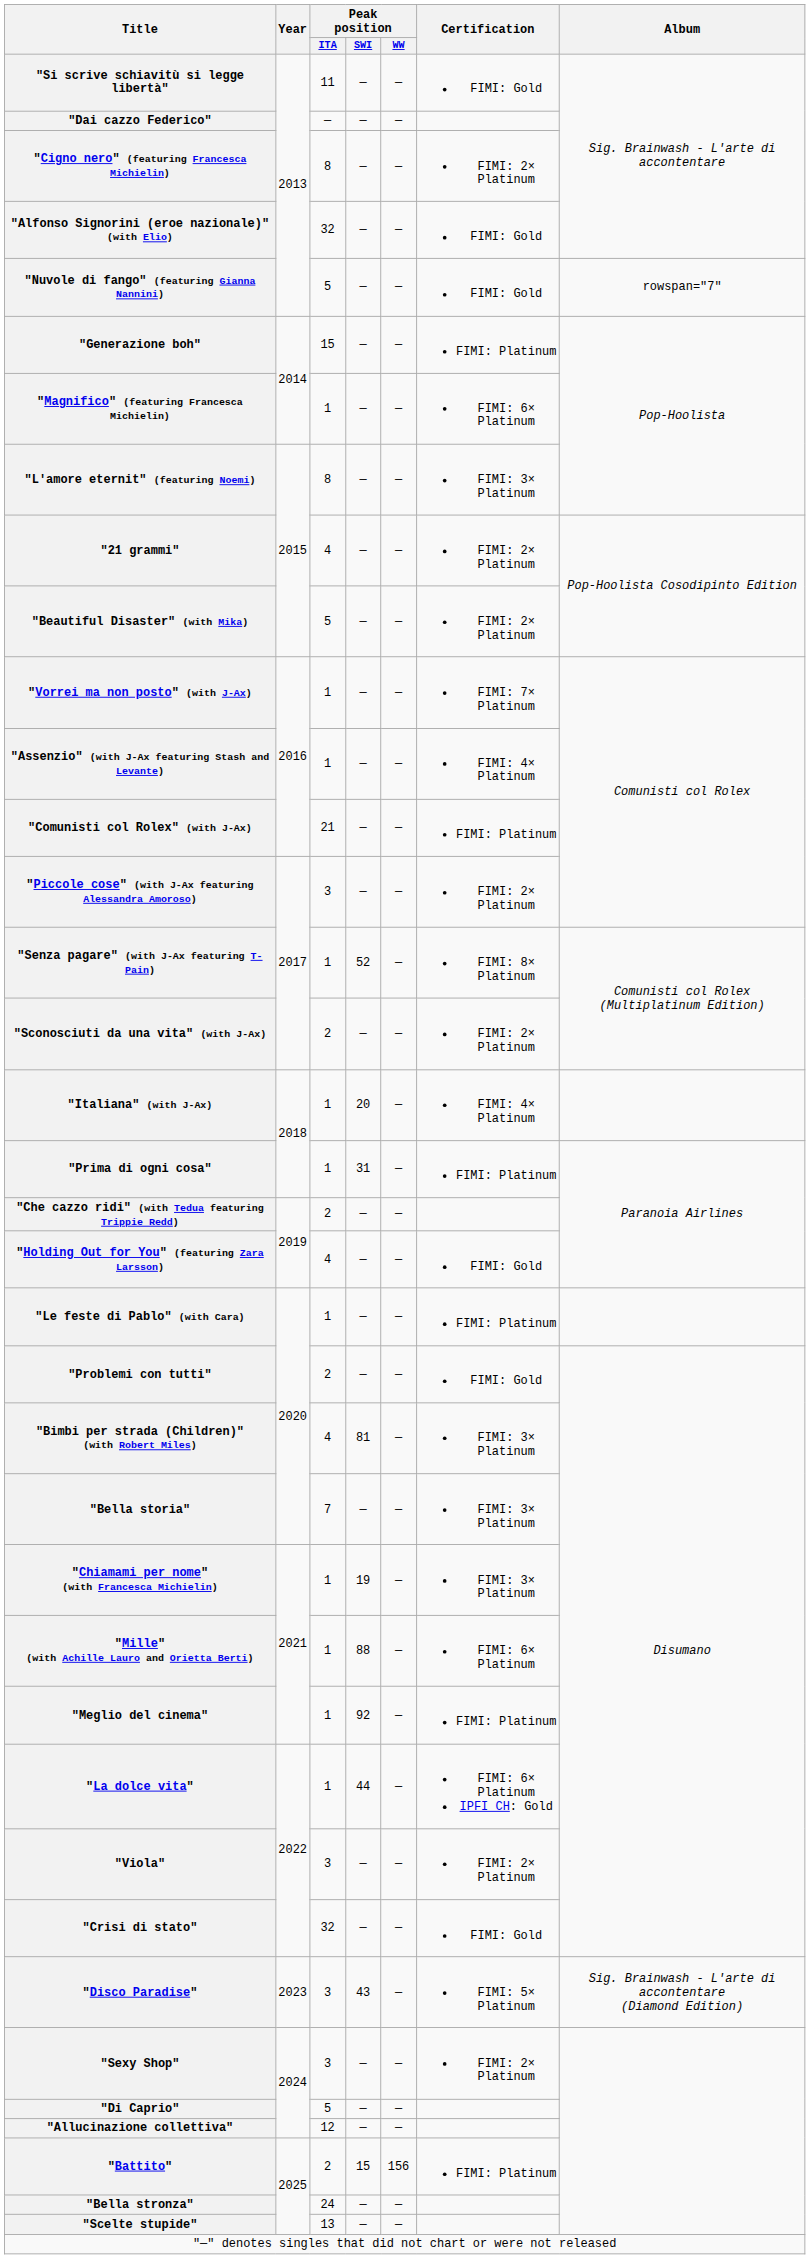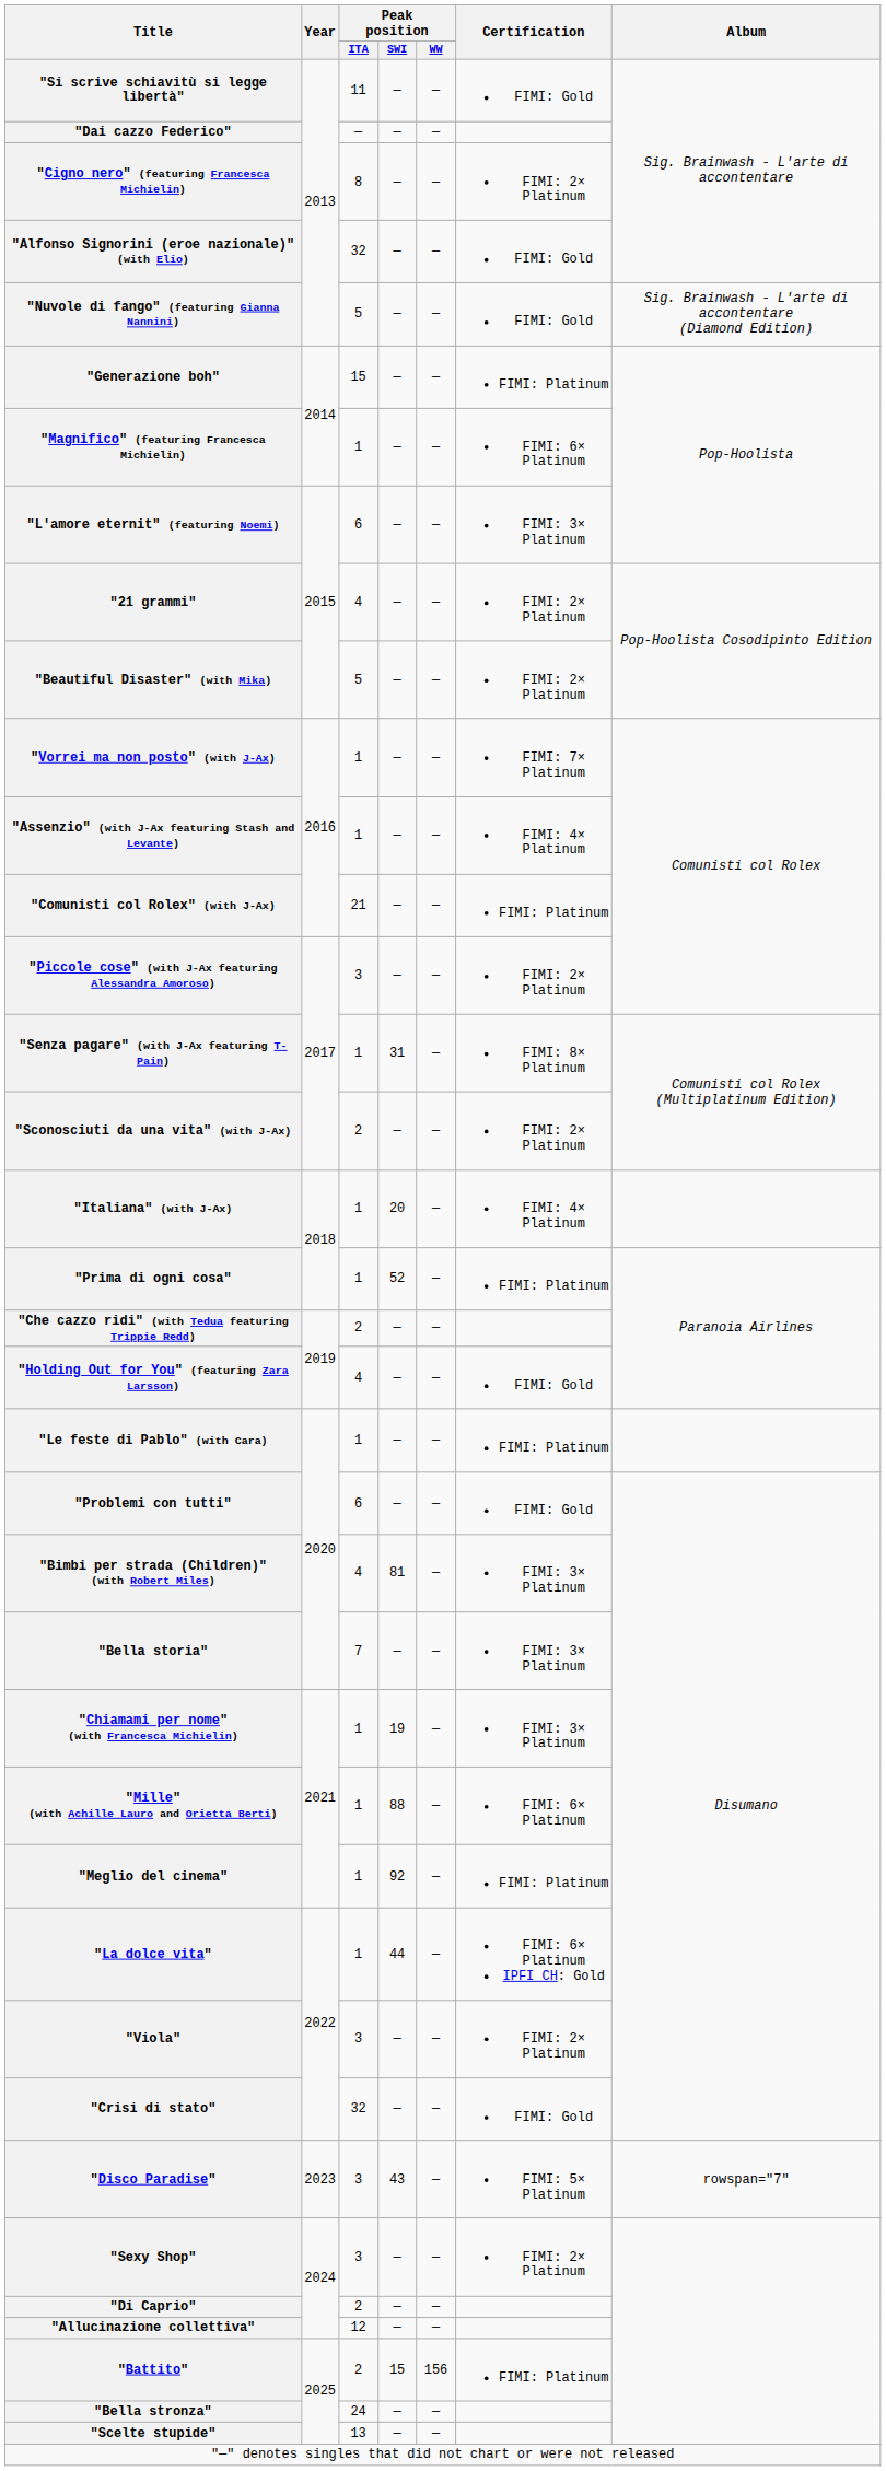 <table class="wikitable plainrowheaders" style="text-align:center">
 <tr>
 <th scope="col" rowspan="2">Title</th>
 <th scope="col" rowspan="2">Year</th>
 <th scope="col" colspan="3">Peak<br>position</th>
 <th scope="col" rowspan="2">Certification</th>
 <th scope="col" rowspan="2">Album</th>
 </tr>
 <tr>
 <th scope="col" style="width:3em;font-size:85%;"><a href='#'>ITA</a><br></th>
 <th scope="col" style="width:3em;font-size:85%;"><a href='#'>SWI</a><br></th>
 <th scope="col" style="width:3em;font-size:85%;"><a href='#'>WW</a><br></th>
 </tr>
 <tr>
 <th scope="row">"Si scrive schiavitù si legge libertà"</th>
 <td rowspan="5">2013</td>
 <td>11</td>
 <td>—</td>
 <td>—</td>
 <td><br><ul><li>FIMI: Gold</li></ul></td>
 <td rowspan="4"><em>Sig. Brainwash - L'arte di accontentare</em></td>
 </tr>
 <tr>
 <th scope="row">"Dai cazzo Federico"</th>
 <td>—</td>
 <td>—</td>
 <td>—</td>
 <td></td>
 </tr>
 <tr>
 <th scope="row">"<a href='#'>Cigno nero</a>" <small>(featuring <a href='#'>Francesca Michielin</a>)</small></th>
 <td>8</td>
 <td>—</td>
 <td>—</td>
 <td><br><ul><li>FIMI: 2× Platinum</li></ul></td>
 </tr>
 <tr>
 <th scope="row">"Alfonso Signorini (eroe nazionale)" <small> (with <a href='#'>Elio</a>)</small></th>
 <td>32</td>
 <td>—</td>
 <td>—</td>
 <td><br><ul><li>FIMI: Gold</li></ul></td>
 </tr>
 <tr>
 <th scope="row">"Nuvole di fango" <small>(featuring <a href='#'>Gianna Nannini</a>)</small></th>
 <td>5</td>
 <td>—</td>
 <td>—</td>
 <td><br><ul><li>FIMI: Gold</li></ul></td>
-<td>rowspan="7" </td>
+<td><em>Sig. Brainwash - L'arte di accontentare<br>(Diamond Edition)</em></td>
 </tr>
 <tr>
 <th scope="row">"Generazione boh"</th>
 <td rowspan="2">2014</td>
 <td>15</td>
 <td>—</td>
 <td>—</td>
 <td><br><ul><li>FIMI: Platinum</li></ul></td>
 <td rowspan="3"><em>Pop-Hoolista</em></td>
 </tr>
 <tr>
 <th scope="row">"<a href='#'>Magnifico</a>" <small>(featuring Francesca Michielin)</small></th>
 <td>1</td>
 <td>—</td>
 <td>—</td>
 <td><br><ul><li>FIMI: 6× Platinum</li></ul></td>
 </tr>
 <tr>
 <th scope="row">"L'amore eternit" <small>(featuring <a href='#'>Noemi</a>)</small></th>
 <td rowspan="3">2015</td>
-<td>8</td>
+<td>6</td>
 <td>—</td>
 <td>—</td>
 <td><br><ul><li>FIMI: 3× Platinum</li></ul></td>
 </tr>
 <tr>
 <th scope="row">"21 grammi"</th>
 <td>4</td>
 <td>—</td>
 <td>—</td>
 <td><br><ul><li>FIMI: 2× Platinum</li></ul></td>
 <td rowspan="2"><em>Pop-Hoolista Cosodipinto Edition</em></td>
 </tr>
 <tr>
 <th scope="row">"Beautiful Disaster" <small>(with <a href='#'>Mika</a>)</small></th>
 <td>5</td>
 <td>—</td>
 <td>—</td>
 <td><br><ul><li>FIMI: 2× Platinum</li></ul></td>
 </tr>
 <tr>
 <th scope="row">"<a href='#'>Vorrei ma non posto</a>" <small>(with <a href='#'>J-Ax</a>)</small></th>
 <td rowspan="3">2016</td>
 <td>1</td>
 <td>—</td>
 <td>—</td>
 <td><br><ul><li>FIMI: 7× Platinum</li></ul></td>
 <td rowspan="4"><em>Comunisti col Rolex</em></td>
 </tr>
 <tr>
 <th scope="row">"Assenzio" <small>(with J-Ax featuring Stash and <a href='#'>Levante</a>)</small></th>
 <td>1</td>
 <td>—</td>
 <td>—</td>
 <td><br><ul><li>FIMI: 4× Platinum</li></ul></td>
 </tr>
 <tr>
 <th scope="row">"Comunisti col Rolex" <small>(with J-Ax)</small></th>
 <td>21</td>
 <td>—</td>
 <td>—</td>
 <td><br><ul><li>FIMI: Platinum</li></ul></td>
 </tr>
 <tr>
 <th scope="row">"<a href='#'>Piccole cose</a>" <small>(with J-Ax featuring <a href='#'>Alessandra Amoroso</a>)</small></th>
 <td rowspan="3">2017</td>
 <td>3</td>
 <td>—</td>
 <td>—</td>
 <td><br><ul><li>FIMI: 2× Platinum</li></ul></td>
 </tr>
 <tr>
 <th scope="row">"Senza pagare" <small>(with J-Ax featuring <a href='#'>T-Pain</a>)</small></th>
 <td>1</td>
-<td>52</td>
+<td>31</td>
 <td>—</td>
 <td><br><ul><li>FIMI: 8× Platinum</li></ul></td>
 <td rowspan="2"><em>Comunisti col Rolex (Multiplatinum Edition)</em></td>
 </tr>
 <tr>
 <th scope="row">"Sconosciuti da una vita" <small>(with J-Ax)</small></th>
 <td>2</td>
 <td>—</td>
 <td>—</td>
 <td><br><ul><li>FIMI: 2× Platinum</li></ul></td>
 </tr>
 <tr>
 <th scope="row">"Italiana" <small>(with J-Ax)</small></th>
 <td rowspan="2">2018</td>
 <td>1</td>
 <td>20</td>
 <td>—</td>
 <td><br><ul><li>FIMI: 4× Platinum</li></ul></td>
 <td></td>
 </tr>
 <tr>
 <th scope="row">"Prima di ogni cosa"</th>
 <td>1</td>
-<td>31</td>
+<td>52</td>
 <td>—</td>
 <td><br><ul><li>FIMI: Platinum</li></ul></td>
 <td rowspan="3"><em>Paranoia Airlines</em></td>
 </tr>
 <tr>
 <th scope="row">"Che cazzo ridi" <small>(with <a href='#'>Tedua</a> featuring <a href='#'>Trippie Redd</a>)</small></th>
 <td rowspan="2">2019</td>
 <td>2<br></td>
 <td>—</td>
 <td>—</td>
 <td></td>
 </tr>
 <tr>
 <th scope="row">"<a href='#'>Holding Out for You</a>" <small>(featuring <a href='#'>Zara Larsson</a>)</small></th>
 <td>4<br></td>
 <td>—</td>
 <td>—</td>
 <td><br><ul><li>FIMI: Gold</li></ul></td>
 </tr>
 <tr>
 <th scope="row">"Le feste di Pablo" <small>(with Cara)</small></th>
 <td rowspan=4>2020</td>
 <td>1<br></td>
 <td>—</td>
 <td>—</td>
 <td><br><ul><li>FIMI: Platinum</li></ul></td>
 <td></td>
 </tr>
 <tr>
 <th scope="row">"Problemi con tutti"</th>
-<td>2</td>
+<td>6</td>
 <td>—</td>
 <td>—</td>
 <td><br><ul><li>FIMI: Gold</li></ul></td>
 <td rowspan="9"><em>Disumano</em></td>
 </tr>
 <tr>
 <th scope="row">"Bimbi per strada (Children)"<br><small>(with <a href='#'>Robert Miles</a>)</small></th>
 <td>4</td>
 <td>81</td>
 <td>—</td>
 <td><br><ul><li>FIMI: 3× Platinum</li></ul></td>
 </tr>
 <tr>
 <th scope="row">"Bella storia"</th>
 <td>7</td>
 <td>—</td>
 <td>—</td>
 <td><br><ul><li>FIMI: 3× Platinum</li></ul></td>
 </tr>
 <tr>
 <th scope="row">"<a href='#'>Chiamami per nome</a>"<br><small>(with <a href='#'>Francesca Michielin</a>)</small></th>
 <td rowspan="3">2021</td>
 <td>1</td>
 <td>19</td>
 <td>—</td>
 <td><br><ul><li>FIMI: 3× Platinum</li></ul></td>
 </tr>
 <tr>
 <th scope="row">"<a href='#'>Mille</a>"<br><small>(with <a href='#'>Achille Lauro</a> and <a href='#'>Orietta Berti</a>)</small></th>
 <td>1</td>
 <td>88</td>
 <td>—</td>
 <td><br><ul><li>FIMI: 6× Platinum</li></ul></td>
 </tr>
 <tr>
 <th scope="row">"Meglio del cinema"</th>
 <td>1</td>
 <td>92</td>
 <td>—</td>
 <td><br><ul><li>FIMI: Platinum</li></ul></td>
 </tr>
 <tr>
 <th scope="row">"<a href='#'>La dolce vita</a>"<br></th>
 <td rowspan="3">2022</td>
 <td>1</td>
 <td>44</td>
 <td>—</td>
 <td><br><ul><li>FIMI: 6× Platinum</li><li><a href='#'>IPFI CH</a>: Gold</li></ul></td>
 </tr>
 <tr>
 <th scope="row">"Viola"<br></th>
 <td>3</td>
 <td>—</td>
 <td>—</td>
 <td><br><ul><li>FIMI: 2× Platinum</li></ul></td>
 </tr>
 <tr>
 <th scope="row">"Crisi di stato"</th>
 <td>32</td>
 <td>—</td>
 <td>—</td>
 <td><br><ul><li>FIMI: Gold</li></ul></td>
 </tr>
 <tr>
 <th scope="row">"<a href='#'>Disco Paradise</a>"<br></th>
 <td>2023</td>
 <td>3</td>
 <td>43</td>
 <td>—</td>
 <td><br><ul><li>FIMI: 5× Platinum</li></ul></td>
-<td><em>Sig. Brainwash - L'arte di accontentare<br>(Diamond Edition)</em></td>
+<td>rowspan="7" </td>
 </tr>
 <tr>
 <th scope="row">"Sexy Shop"<br></th>
 <td rowspan="3">2024</td>
 <td>3</td>
 <td>—</td>
 <td>—</td>
 <td><br><ul><li>FIMI: 2× Platinum</li></ul></td>
 </tr>
 <tr>
 <th scope="row">"Di Caprio"<br></th>
-<td>5</td>
+<td>2</td>
 <td>—</td>
 <td>—</td>
 <td></td>
 </tr>
 <tr>
 <th scope="row">"Allucinazione collettiva"</th>
 <td>12</td>
 <td>—</td>
 <td>—</td>
 <td></td>
 </tr>
 <tr>
 <th scope="row">"<a href='#'>Battito</a>"</th>
 <td rowspan="3">2025</td>
 <td>2</td>
 <td>15</td>
 <td>156</td>
 <td><br><ul><li>FIMI: Platinum</li></ul></td>
 </tr>
 <tr>
 <th scope="row">"Bella stronza"<br></th>
 <td>24</td>
 <td>—</td>
 <td>—</td>
 <td></td>
 </tr>
 <tr>
 <th scope="row">"Scelte stupide"<br></th>
 <td>13<br></td>
 <td>—</td>
 <td>—</td>
 <td></td>
 </tr>
 <tr>
 <td colspan="7">"—" denotes singles that did not chart or were not released</td>
 </tr>
 </table>
